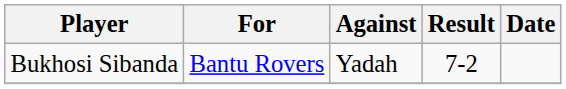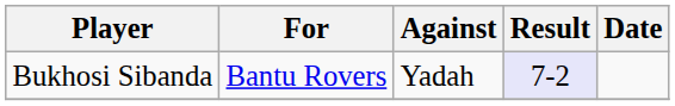 <table class="wikitable sortable">
 <tr>
 <th>Player</th>
 <th>For</th>
 <th>Against</th>
 <th style="text-align:center">Result</th>
 <th>Date</th>
 </tr>
 <tr>
 <td>Bukhosi Sibanda</td>
 <td><a href='#'>Bantu Rovers</a></td>
 <td>Yadah</td>
-<td style="text-align:center;">7-2</td>
+<td style="background: lavender; text-align:center;">7-2</td>
 <td></td>
 </tr>
 <tr>
 </tr>
 </table>
